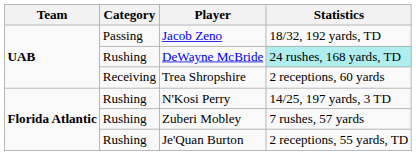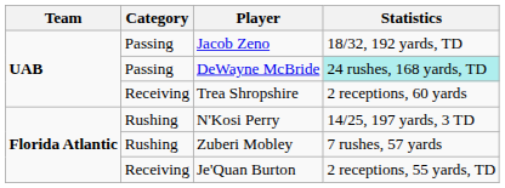 <table class="wikitable" style="float: left;">
 <tr>
 <th>Team</th>
 <th>Category</th>
 <th>Player</th>
 <th>Statistics</th>
 </tr>
 <tr>
 <td rowspan=3><strong>UAB</strong></td>
 <td>Passing</td>
 <td><a href='#'>Jacob Zeno</a></td>
 <td>18/32, 192 yards, TD</td>
 </tr>
 <tr>
-<td>Rushing</td>
+<td>Passing</td>
 <td><a href='#'>DeWayne McBride</a></td>
 <td style="background: paleturquoise;">24 rushes, 168 yards, TD</td>
 </tr>
 <tr>
 <td>Receiving</td>
 <td>Trea Shropshire</td>
 <td>2 receptions, 60 yards</td>
 </tr>
 <tr>
 <td rowspan=3><strong>Florida Atlantic</strong></td>
 <td>Rushing</td>
 <td>N'Kosi Perry</td>
 <td>14/25, 197 yards, 3 TD</td>
 </tr>
 <tr>
 <td>Rushing</td>
 <td>Zuberi Mobley</td>
 <td>7 rushes, 57 yards</td>
 </tr>
 <tr>
-<td>Rushing</td>
+<td>Receiving</td>
 <td>Je'Quan Burton</td>
 <td>2 receptions, 55 yards, TD</td>
 </tr>
 </table>
